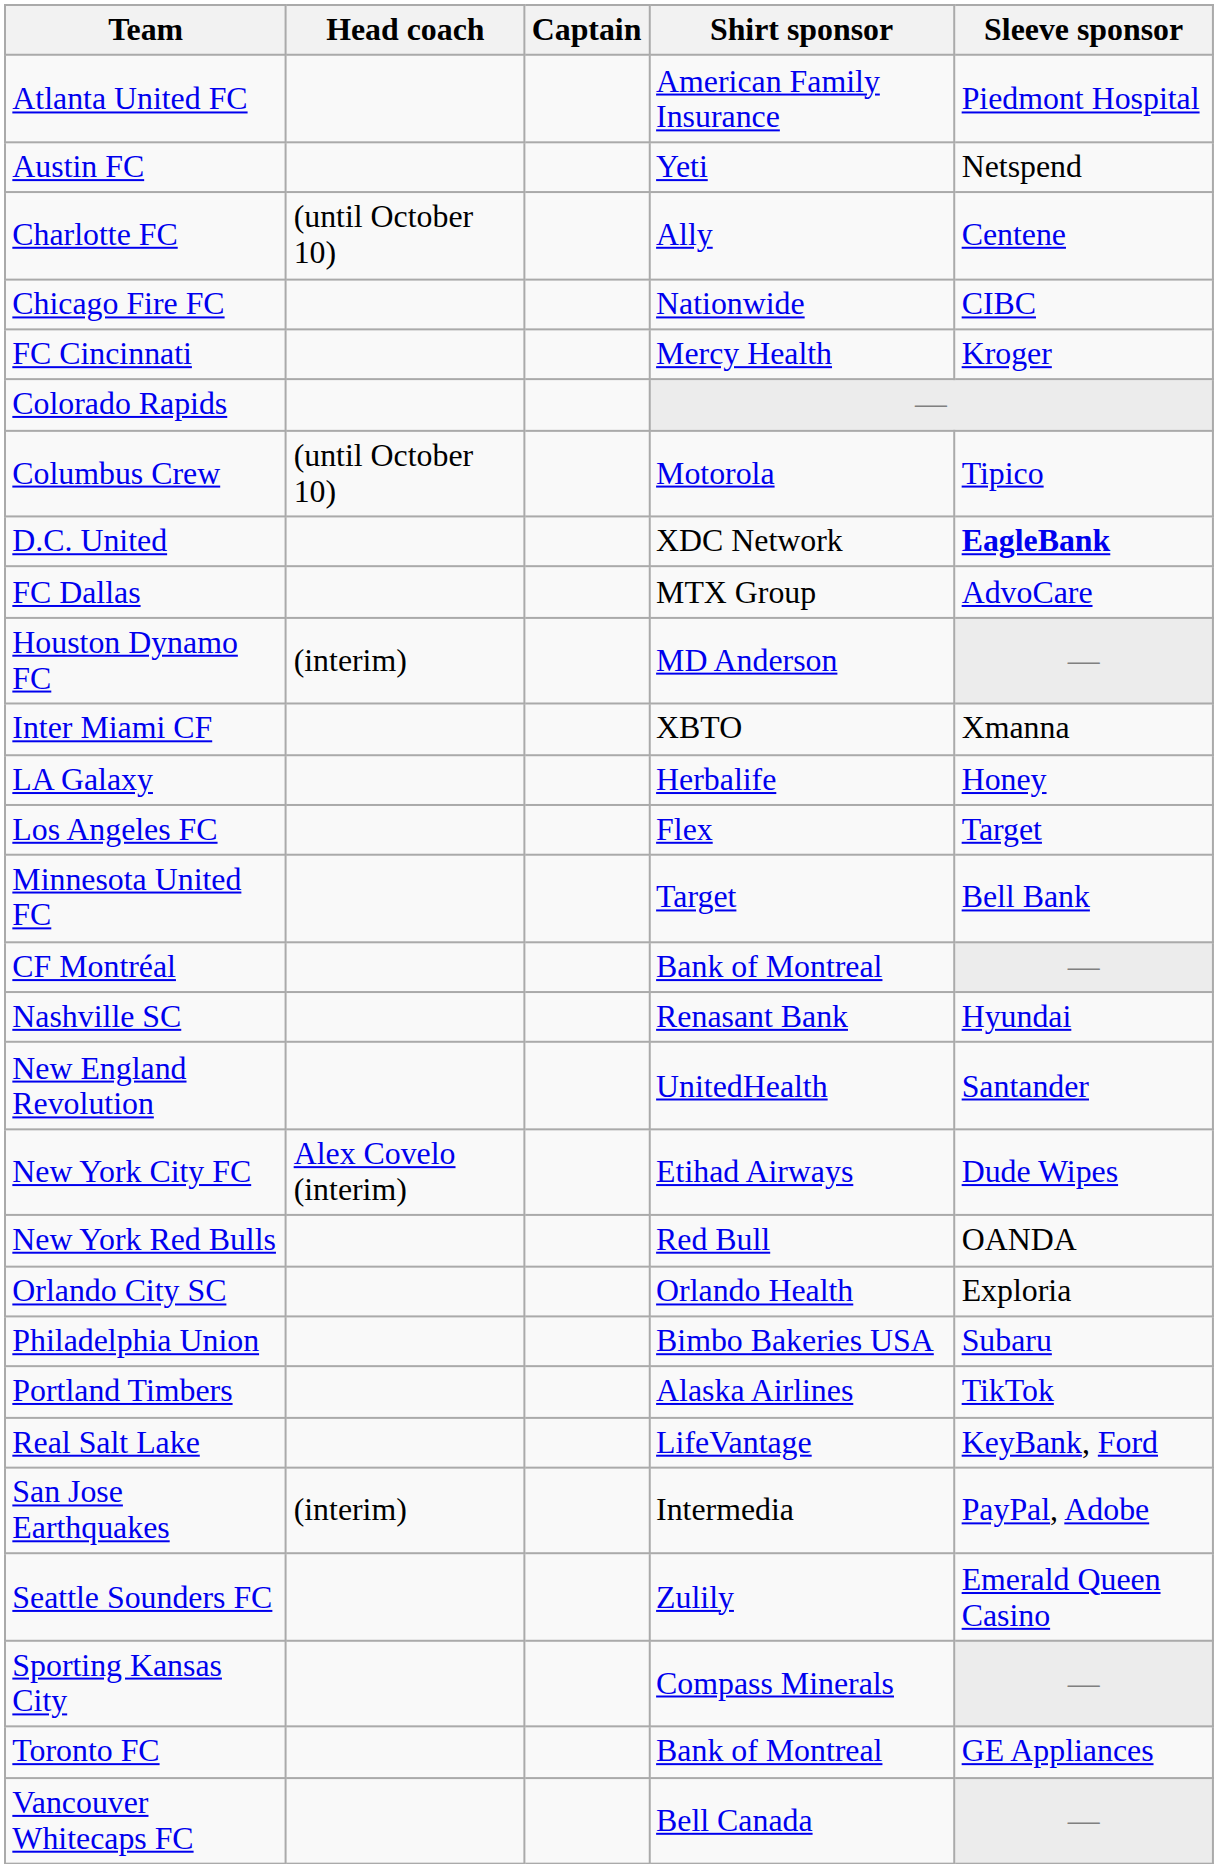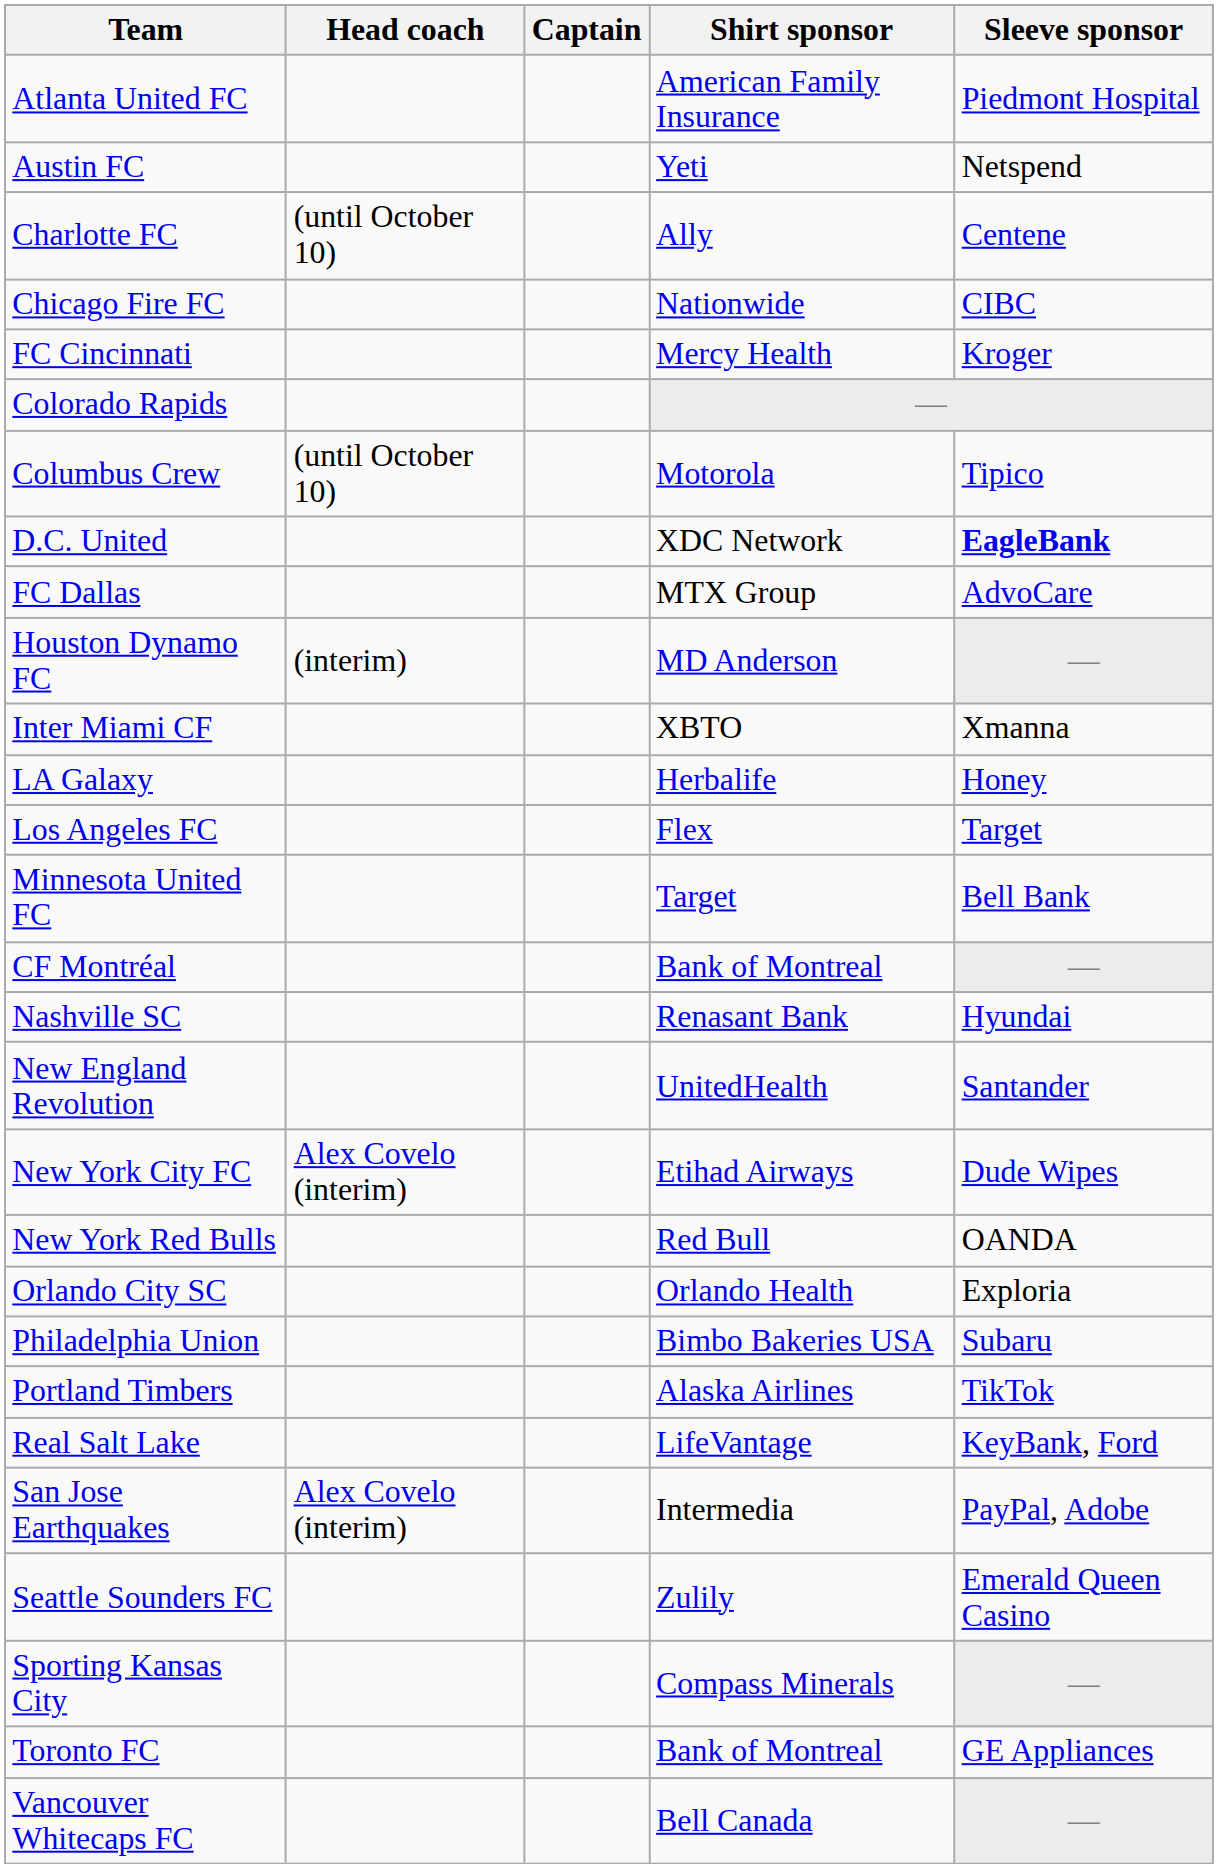 <table class="wikitable sortable" style="text-align: left;">
 <tr>
 <th>Team</th>
 <th>Head coach</th>
 <th>Captain</th>
 <th>Shirt sponsor</th>
 <th>Sleeve sponsor</th>
 </tr>
 <tr>
 <td><a href='#'>Atlanta United FC</a></td>
 <td> </td>
 <td> </td>
 <td><a href='#'>American Family Insurance</a></td>
 <td><a href='#'>Piedmont Hospital</a></td>
 </tr>
 <tr>
 <td><a href='#'>Austin FC</a></td>
 <td> </td>
 <td> </td>
 <td><a href='#'>Yeti</a></td>
 <td>Netspend</td>
 </tr>
 <tr>
 <td><a href='#'>Charlotte FC</a></td>
 <td>  (until October 10)</td>
 <td> </td>
 <td><a href='#'>Ally</a></td>
 <td><a href='#'>Centene</a></td>
 </tr>
 <tr>
 <td><a href='#'>Chicago Fire FC</a></td>
 <td> </td>
 <td> </td>
 <td><a href='#'>Nationwide</a></td>
 <td><a href='#'>CIBC</a></td>
 </tr>
 <tr>
 <td><a href='#'>FC Cincinnati</a></td>
 <td> </td>
 <td> </td>
 <td><a href='#'>Mercy Health</a></td>
 <td><a href='#'>Kroger</a></td>
 </tr>
 <tr>
 <td><a href='#'>Colorado Rapids</a></td>
 <td> </td>
 <td> </td>
 <td align="center" colspan="2" style="background:#ececec; color:gray">—</td>
 </tr>
 <tr>
 <td><a href='#'>Columbus Crew</a></td>
 <td>  (until October 10)</td>
 <td> </td>
 <td><a href='#'>Motorola</a></td>
 <td><a href='#'>Tipico</a></td>
 </tr>
 <tr>
 <td><a href='#'>D.C. United</a></td>
 <td> </td>
 <td> </td>
 <td>XDC Network</td>
 <td><strong><a href='#'>EagleBank</a></strong></td>
 </tr>
 <tr>
 <td><a href='#'>FC Dallas</a></td>
 <td> </td>
 <td> </td>
 <td>MTX Group</td>
 <td><a href='#'>AdvoCare</a></td>
 </tr>
 <tr>
 <td><a href='#'>Houston Dynamo FC</a></td>
 <td>  (interim)</td>
 <td> </td>
 <td><a href='#'>MD Anderson</a></td>
 <td align="center" colspan="1" style="background:#ececec; color:gray">—</td>
 </tr>
 <tr>
 <td><a href='#'>Inter Miami CF</a></td>
 <td> </td>
 <td> </td>
 <td>XBTO</td>
 <td>Xmanna</td>
 </tr>
 <tr>
 <td><a href='#'>LA Galaxy</a></td>
 <td> </td>
 <td> </td>
 <td><a href='#'>Herbalife</a></td>
 <td><a href='#'>Honey</a></td>
 </tr>
 <tr>
 <td><a href='#'>Los Angeles FC</a></td>
 <td> </td>
 <td> </td>
 <td><a href='#'>Flex</a></td>
 <td><a href='#'>Target</a></td>
 </tr>
 <tr>
 <td><a href='#'>Minnesota United FC</a></td>
 <td> </td>
 <td> </td>
 <td><a href='#'>Target</a></td>
 <td><a href='#'>Bell Bank</a></td>
 </tr>
 <tr>
 <td><a href='#'>CF Montréal</a></td>
 <td> </td>
 <td> </td>
 <td><a href='#'>Bank of Montreal</a></td>
 <td align="center" style="background:#ececec; color:gray">—</td>
 </tr>
 <tr>
 <td><a href='#'>Nashville SC</a></td>
 <td> </td>
 <td> </td>
 <td><a href='#'>Renasant Bank</a></td>
 <td><a href='#'>Hyundai</a></td>
 </tr>
 <tr>
 <td><a href='#'>New England Revolution</a></td>
 <td> </td>
 <td> </td>
 <td><a href='#'>UnitedHealth</a></td>
 <td><a href='#'>Santander</a></td>
 </tr>
 <tr>
 <td><a href='#'>New York City FC</a></td>
 <td> <a href='#'>Alex Covelo</a> (interim)</td>
 <td> </td>
 <td><a href='#'>Etihad Airways</a></td>
 <td><a href='#'>Dude Wipes</a></td>
 </tr>
 <tr>
 <td><a href='#'>New York Red Bulls</a></td>
 <td> </td>
 <td> </td>
 <td><a href='#'>Red Bull</a></td>
 <td>OANDA</td>
 </tr>
 <tr>
 <td><a href='#'>Orlando City SC</a></td>
 <td> </td>
 <td> </td>
 <td><a href='#'>Orlando Health</a></td>
 <td>Exploria</td>
 </tr>
 <tr>
 <td><a href='#'>Philadelphia Union</a></td>
 <td> </td>
 <td> </td>
 <td><a href='#'>Bimbo Bakeries USA</a></td>
 <td><a href='#'>Subaru</a></td>
 </tr>
 <tr>
 <td><a href='#'>Portland Timbers</a></td>
 <td> </td>
 <td> </td>
 <td><a href='#'>Alaska Airlines</a></td>
 <td><a href='#'>TikTok</a></td>
 </tr>
 <tr>
 <td><a href='#'>Real Salt Lake</a></td>
 <td> </td>
 <td> </td>
 <td><a href='#'>LifeVantage</a></td>
 <td><a href='#'>KeyBank</a>, <a href='#'>Ford</a></td>
 </tr>
 <tr>
 <td><a href='#'>San Jose Earthquakes</a></td>
-<td>  (interim)</td>
+<td> <a href='#'>Alex Covelo</a> (interim)</td>
 <td> </td>
 <td>Intermedia</td>
 <td><a href='#'>PayPal</a>, <a href='#'>Adobe</a></td>
 </tr>
 <tr>
 <td><a href='#'>Seattle Sounders FC</a></td>
 <td> </td>
 <td> </td>
 <td><a href='#'>Zulily</a></td>
 <td><a href='#'>Emerald Queen Casino</a></td>
 </tr>
 <tr>
 <td><a href='#'>Sporting Kansas City</a></td>
 <td> </td>
 <td> </td>
 <td><a href='#'>Compass Minerals</a></td>
 <td align="center" colspan="1" style="background:#ececec; color:gray">—</td>
 </tr>
 <tr>
 <td><a href='#'>Toronto FC</a></td>
 <td> </td>
 <td> </td>
 <td><a href='#'>Bank of Montreal</a></td>
 <td><a href='#'>GE Appliances</a></td>
 </tr>
 <tr>
 <td><a href='#'>Vancouver Whitecaps FC</a></td>
 <td> </td>
 <td> </td>
 <td><a href='#'>Bell Canada</a></td>
 <td align="center" style="background:#ececec; color:gray">—</td>
 </tr>
 </table>
